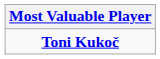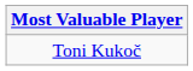 <table class=wikitable style="text-align:center; margin:auto">
 <tr>
 <th><a href='#'>Most Valuable Player</a></th>
 </tr>
 <tr>
-<td><strong> <a href='#'>Toni Kukoč</a></strong></td>
+<td> <a href='#'>Toni Kukoč</a></td>
 </tr>
 </table>
